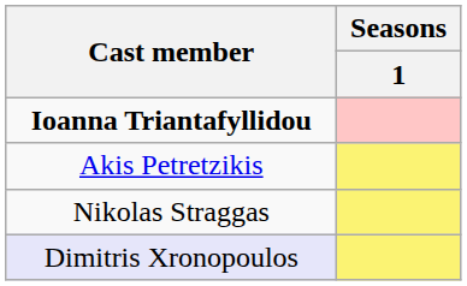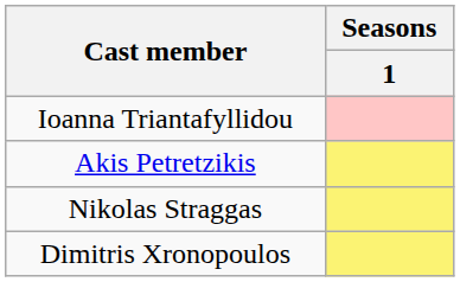 <table class="wikitable" style="text-align:center; width:20%;">
 <tr>
 <th rowspan=2>Cast member</th>
 <th colspan=4>Seasons</th>
 </tr>
 <tr>
 <th>1</th>
 </tr>
 <tr>
-<td><strong>Ioanna Triantafyllidou</strong></td>
+<td>Ioanna Triantafyllidou</td>
 <td bgcolor=FFC6C6></td>
 </tr>
 <tr>
 <td><a href='#'>Akis Petretzikis</a></td>
 <td bgcolor=FBF373></td>
 </tr>
 <tr>
 <td>Nikolas Straggas</td>
 <td bgcolor=FBF373></td>
 </tr>
 <tr>
-<td style="background: lavender;">Dimitris Xronopoulos</td>
+<td>Dimitris Xronopoulos</td>
 <td bgcolor=FBF373></td>
 </tr>
 </table>
